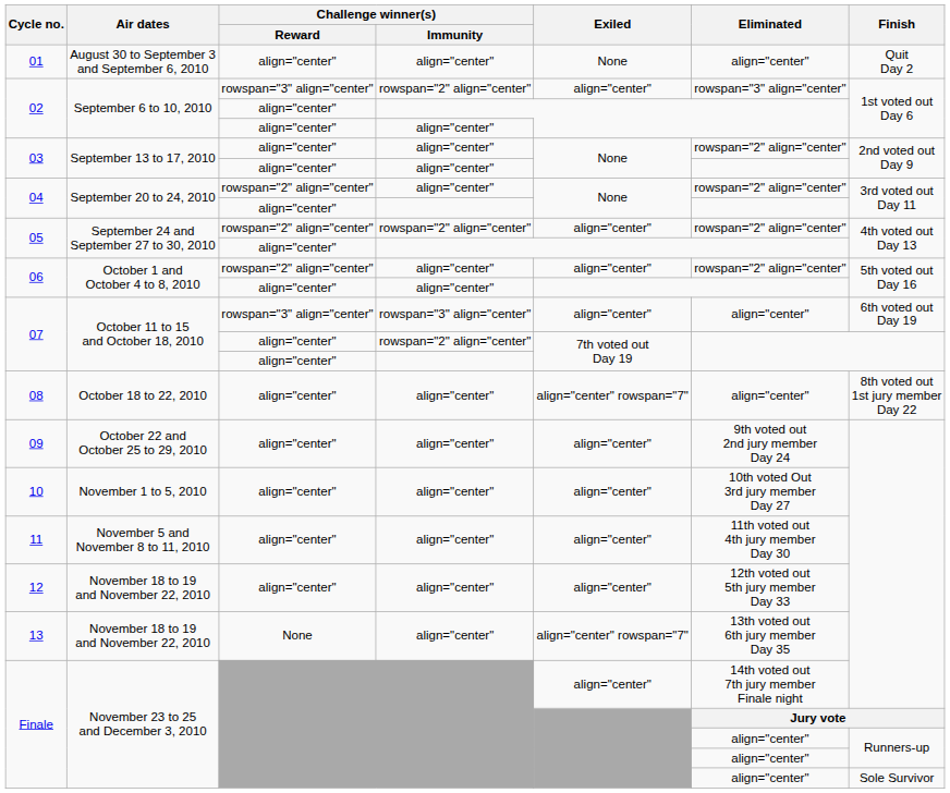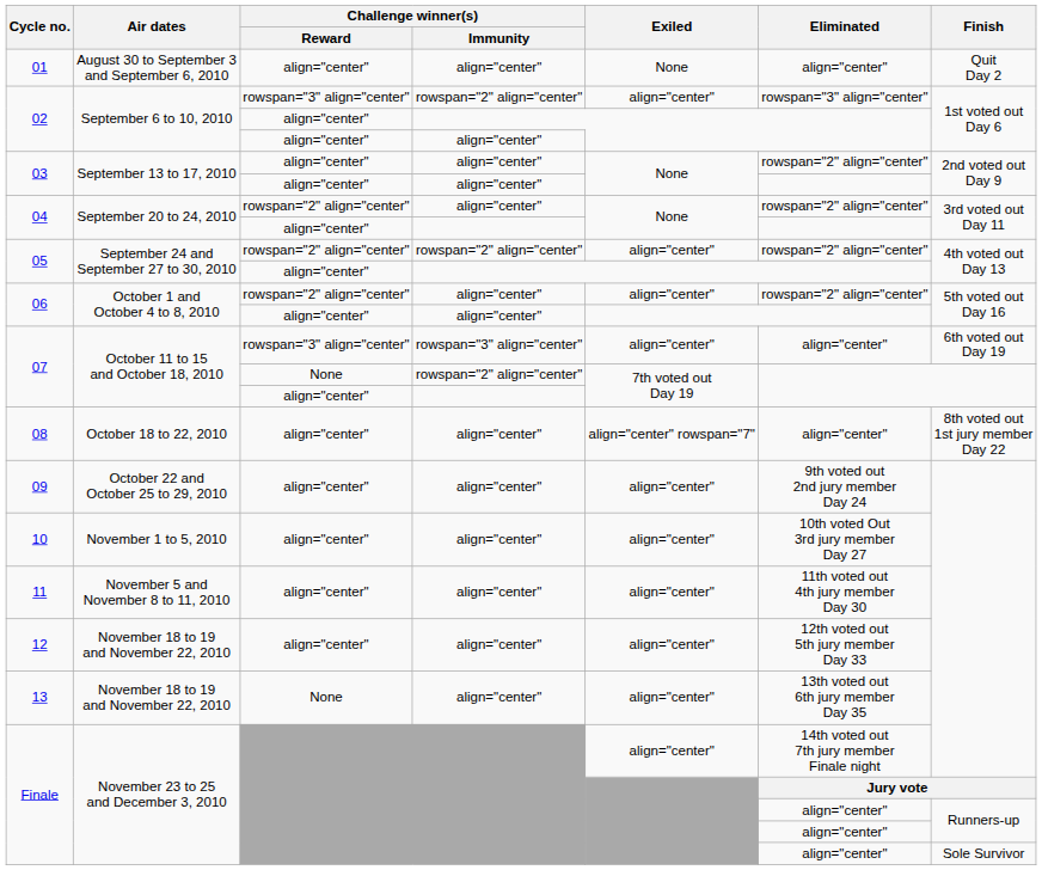 <table class="wikitable sortable nowrap" style="margin:auto; text-align:center">
 <tr>
 <th bgcolor="gray" rowspan="2">Cycle no.</th>
 <th bgcolor="gray" rowspan="2">Air dates</th>
 <th bgcolor="gray" colspan="2">Challenge winner(s)</th>
 <th bgcolor="gray" rowspan="2">Exiled</th>
 <th bgcolor="gray" rowspan="2">Eliminated</th>
 <th bgcolor="gray" rowspan="2">Finish</th>
 </tr>
 <tr>
 <th bgcolor="gray">Reward</th>
 <th bgcolor="gray">Immunity</th>
 </tr>
 <tr>
 <td align="center"><a href='#'>01</a></td>
 <td>August 30 to September 3<br>and September 6, 2010</td>
 <td>align="center" </td>
 <td>align="center" </td>
 <td align="center">None</td>
 <td>align="center" </td>
 <td align="center">Quit<br>Day 2</td>
 </tr>
 <tr>
 <td align="center" rowspan="3"><a href='#'>02</a></td>
 <td rowspan="3">September 6 to 10, 2010</td>
 <td>rowspan="3" align="center" </td>
 <td>rowspan="2" align="center" </td>
 <td>align="center" </td>
 <td>rowspan="3" align="center" </td>
 <td rowspan="3" align="center">1st voted out<br>Day 6</td>
 </tr>
 <tr>
 <td>align="center" </td>
 </tr>
 <tr>
 <td>align="center" </td>
 <td>align="center" </td>
 </tr>
 <tr>
 <td align="center" rowspan="2"><a href='#'>03</a></td>
 <td rowspan="2">September 13 to 17, 2010</td>
 <td>align="center" </td>
 <td>align="center" </td>
 <td rowspan="2" align="center">None</td>
 <td>rowspan="2" align="center" </td>
 <td rowspan="2" align="center">2nd voted out<br>Day 9</td>
 </tr>
 <tr>
 <td>align="center" </td>
 <td>align="center" </td>
 </tr>
 <tr>
 <td rowspan="2" align="center"><a href='#'>04</a></td>
 <td rowspan="2">September 20 to 24, 2010</td>
 <td>rowspan="2" align="center" </td>
 <td>align="center" </td>
 <td rowspan="2" align="center">None</td>
 <td>rowspan="2" align="center" </td>
 <td rowspan="2" align="center">3rd voted out<br>Day 11</td>
 </tr>
 <tr>
 <td>align="center" </td>
 </tr>
 <tr>
 <td rowspan="2" align="center"><a href='#'>05</a></td>
 <td rowspan="2">September 24 and<br>September 27 to 30, 2010</td>
 <td>rowspan="2" align="center" </td>
 <td>rowspan="2" align="center" </td>
 <td>align="center" </td>
 <td>rowspan="2" align="center" </td>
 <td rowspan="2" align="center">4th voted out<br>Day 13</td>
 </tr>
 <tr>
 <td>align="center" </td>
 </tr>
 <tr>
 <td rowspan="2" align="center"><a href='#'>06</a></td>
 <td rowspan="2">October 1 and<br>October 4 to 8, 2010</td>
 <td>rowspan="2" align="center" </td>
 <td>align="center" </td>
 <td>align="center" </td>
 <td>rowspan="2" align="center" </td>
 <td rowspan="2" align="center">5th voted out<br>Day 16</td>
 </tr>
 <tr>
 <td>align="center" </td>
 <td>align="center" </td>
 </tr>
 <tr>
 <td rowspan="3" align="center"><a href='#'>07</a></td>
 <td rowspan="3">October 11 to 15<br>and October 18, 2010</td>
 <td>rowspan="3" align="center" </td>
 <td>rowspan="3" align="center" </td>
 <td>align="center" </td>
 <td>align="center" </td>
 <td align="center">6th voted out<br>Day 19</td>
 </tr>
 <tr>
-<td>align="center" </td>
+<td align="center">None</td>
 <td>rowspan="2" align="center" </td>
 <td rowspan="2" align="center">7th voted out<br>Day 19</td>
 </tr>
 <tr>
 <td>align="center" </td>
 </tr>
 <tr>
 <td align="center"><a href='#'>08</a></td>
 <td>October 18 to 22, 2010</td>
 <td>align="center" </td>
 <td>align="center" </td>
 <td>align="center" rowspan="7" </td>
 <td>align="center" </td>
 <td align="center">8th voted out<br>1st jury member<br>Day 22</td>
 </tr>
 <tr>
 <td align="center"><a href='#'>09</a></td>
 <td>October 22 and<br>October 25 to 29, 2010</td>
 <td>align="center" </td>
 <td>align="center" </td>
 <td>align="center" </td>
 <td align="center">9th voted out<br>2nd jury member<br>Day 24</td>
 </tr>
 <tr>
 <td align="center"><a href='#'>10</a></td>
 <td>November 1 to 5, 2010</td>
 <td>align="center" </td>
 <td>align="center" </td>
 <td>align="center" </td>
 <td align="center">10th voted Out<br>3rd jury member<br>Day 27</td>
 </tr>
 <tr>
 <td align="center"><a href='#'>11</a></td>
 <td>November 5 and<br>November 8 to 11, 2010</td>
 <td>align="center" </td>
 <td>align="center" </td>
 <td>align="center" </td>
 <td align="center">11th voted out<br>4th jury member<br>Day 30</td>
 </tr>
 <tr>
 <td align="center"><a href='#'>12</a></td>
 <td>November 18 to 19<br>and November 22, 2010</td>
 <td>align="center" </td>
 <td>align="center" </td>
 <td>align="center" </td>
 <td align="center">12th voted out<br>5th jury member<br>Day 33</td>
 </tr>
 <tr>
 <td align="center"><a href='#'>13</a></td>
 <td>November 18 to 19<br>and November 22, 2010</td>
 <td align="center">None</td>
 <td>align="center" </td>
-<td>align="center" rowspan="7" </td>
+<td>align="center" </td>
 <td align="center">13th voted out<br>6th jury member<br>Day 35</td>
 </tr>
 <tr>
 <td align="center" rowspan=5><a href='#'>Finale</a></td>
 <td rowspan=5>November 23 to 25<br>and December 3, 2010</td>
 <td rowspan=5 colspan=2 bgcolor="darkgray"></td>
 <td>align="center" </td>
 <td align="center">14th voted out<br>7th jury member<br>Finale night</td>
 </tr>
 <tr>
 <td rowspan="4" bgcolor="darkgray"></td>
 <th align="center" colspan="2">Jury vote</th>
 </tr>
 <tr>
 <td>align="center" </td>
 <td align="center" rowspan="2">Runners-up</td>
 </tr>
 <tr>
 <td>align="center" </td>
 </tr>
 <tr>
 <td>align="center" </td>
 <td align="center">Sole Survivor</td>
 </tr>
 </table>
